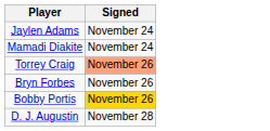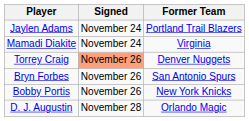 <table class="wikitable sortable sortable">
 <tr>
 <th>Player</th>
 <th>Signed</th>
+<th>Former Team</th>
 </tr>
 <tr style="text-align: center">
 <td><a href='#'>Jaylen Adams</a></td>
 <td>November 24</td>
+<td><a href='#'>Portland Trail Blazers</a></td>
 </tr>
 <tr style="text-align: center">
 <td><a href='#'>Mamadi Diakite</a></td>
 <td>November 24</td>
+<td><a href='#'>Virginia</a></td>
 </tr>
 <tr style="text-align: center">
 <td><a href='#'>Torrey Craig</a></td>
 <td style="background: lightsalmon;">November 26</td>
+<td><a href='#'>Denver Nuggets</a></td>
 </tr>
 <tr style="text-align: center">
 <td><a href='#'>Bryn Forbes</a></td>
 <td>November 26</td>
+<td><a href='#'>San Antonio Spurs</a></td>
 </tr>
 <tr style="text-align: center">
 <td><a href='#'>Bobby Portis</a></td>
-<td style="background: gold;">November 26</td>
+<td>November 26</td>
+<td><a href='#'>New York Knicks</a></td>
 </tr>
 <tr style="text-align: center">
 <td><a href='#'>D. J. Augustin</a></td>
 <td>November 28</td>
+<td><a href='#'>Orlando Magic</a></td>
 </tr>
 </table>
